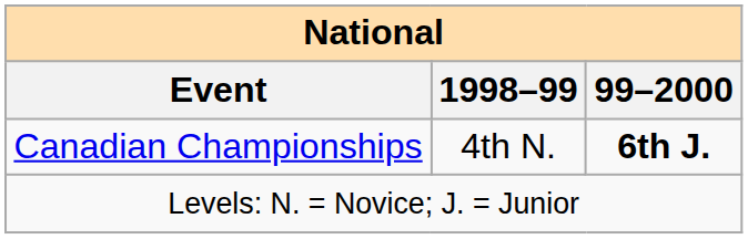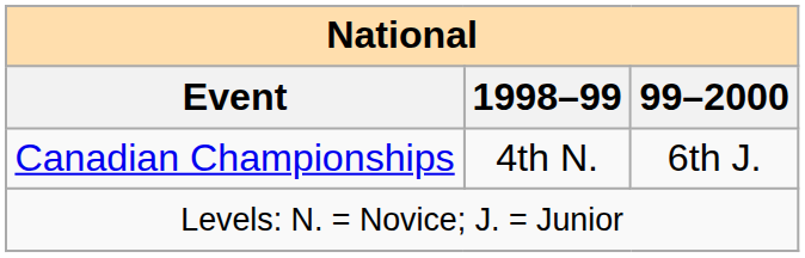 <table class="wikitable" style="text-align:center">
 <tr>
 <th style="background-color: #ffdead; " colspan=3 align=center><strong>National</strong></th>
 </tr>
 <tr>
 <th>Event</th>
 <th>1998–99</th>
 <th>99–2000</th>
 </tr>
 <tr>
 <td align=left><a href='#'>Canadian Championships</a></td>
 <td>4th N.</td>
-<td><strong>6th J.</strong></td>
+<td>6th J.</td>
 </tr>
 <tr>
 <td colspan=3 align=center><small> Levels: N. = Novice; J. = Junior </small></td>
 </tr>
 </table>
